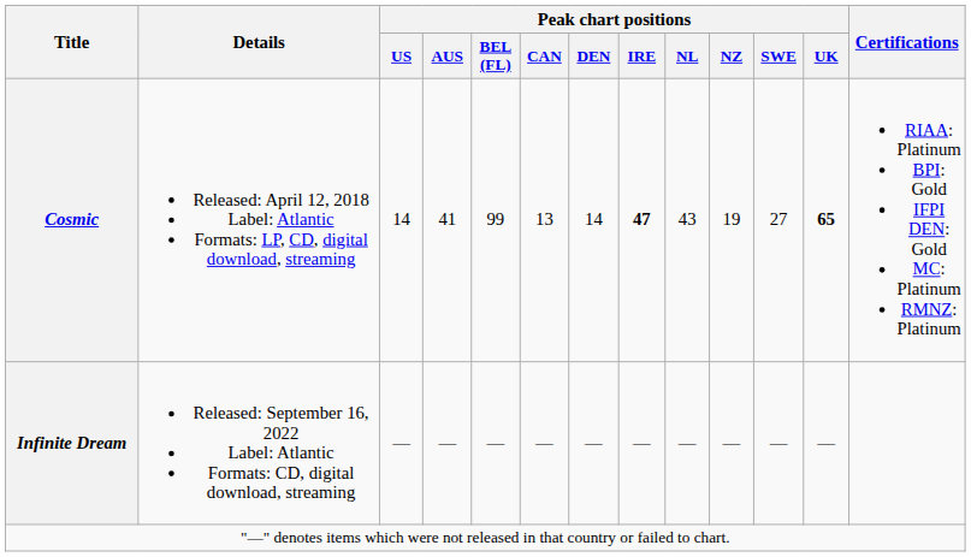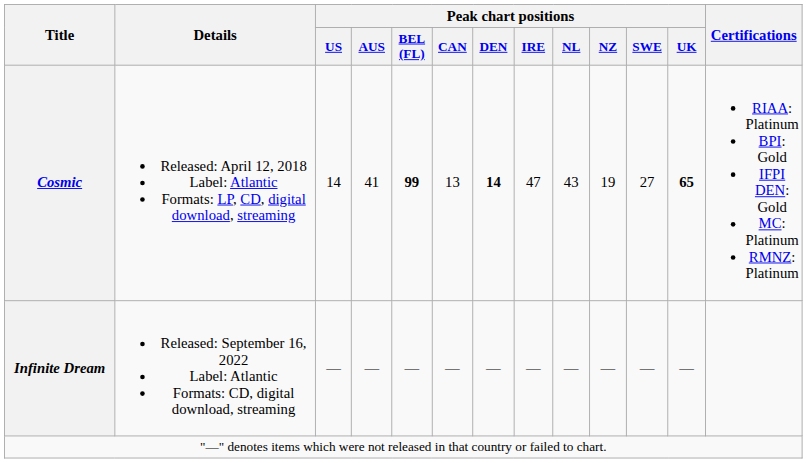 <table class="wikitable plainrowheaders" style="text-align:center;">
 <tr>
 <th scope="col" rowspan="2" style="width:10em;">Title</th>
 <th scope="col" rowspan="2" style="width:18em;">Details</th>
 <th scope="col" colspan="10">Peak chart positions</th>
 <th scope="col" rowspan="2"><a href='#'>Certifications</a></th>
 </tr>
 <tr>
 <th scope="col" style="width:3em;font-size:90%;"><a href='#'>US</a><br></th>
 <th scope="col" style="width:3em;font-size:90%;"><a href='#'>AUS</a><br></th>
 <th scope="col" style="width:3em;font-size:90%;"><a href='#'>BEL (FL)</a><br></th>
 <th scope="col" style="width:3em;font-size:90%;"><a href='#'>CAN</a><br></th>
 <th scope="col" style="width:3em;font-size:90%;"><a href='#'>DEN</a><br></th>
 <th scope="col" style="width:3em;font-size:90%;"><a href='#'>IRE</a><br></th>
 <th scope="col" style="width:3em;font-size:90%;"><a href='#'>NL</a><br></th>
 <th scope="col" style="width:3em;font-size:90%;"><a href='#'>NZ</a><br></th>
 <th scope="col" style="width:3em;font-size:90%;"><a href='#'>SWE</a><br></th>
 <th scope="col" style="width:3em;font-size:90%;"><a href='#'>UK</a><br></th>
 </tr>
 <tr>
 <th scope="row"><em><a href='#'>Cosmic</a></em></th>
 <td><br><ul><li>Released: April 12, 2018</li><li>Label: <a href='#'>Atlantic</a></li><li>Formats: <a href='#'>LP</a>, <a href='#'>CD</a>, <a href='#'>digital download</a>, <a href='#'>streaming</a></li></ul></td>
 <td>14</td>
 <td>41</td>
-<td>99</td>
+<td><strong>99</strong></td>
 <td>13</td>
-<td>14</td>
-<td><strong>47</strong></td>
+<td><strong>14</strong></td>
+<td>47</td>
 <td>43</td>
 <td>19</td>
 <td>27</td>
 <td><strong>65</strong></td>
 <td><br><ul><li><a href='#'>RIAA</a>: Platinum</li><li><a href='#'>BPI</a>: Gold</li><li><a href='#'>IFPI DEN</a>: Gold</li><li><a href='#'>MC</a>: Platinum</li><li><a href='#'>RMNZ</a>: Platinum</li></ul></td>
 </tr>
 <tr>
 <th scope="row"><em>Infinite Dream</em></th>
 <td><br><ul><li>Released: September 16, 2022</li><li>Label: Atlantic</li><li>Formats: CD, digital download, streaming</li></ul></td>
 <td>—</td>
 <td>—</td>
 <td>—</td>
 <td>—</td>
 <td>—</td>
 <td>—</td>
 <td>—</td>
 <td>—</td>
 <td>—</td>
 <td>—</td>
 <td></td>
 </tr>
 <tr>
 <td colspan="14" style="font-size:90%;">"—" denotes items which were not released in that country or failed to chart.</td>
 </tr>
 </table>
